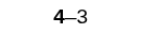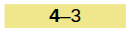 <table style="text-align:center">
 <tr>
 <th width=223></th>
 <th width=100></th>
 <th width=223></th>
 </tr>
 <tr>
 <td align=right><small><span></span></small> <strong></strong></td>
-<td><strong>4</strong>–3</td>
+<td style="background: khaki;"><strong>4</strong>–3</td>
 <td align=left> <small><span></span></small></td>
 </tr>
 </table>
